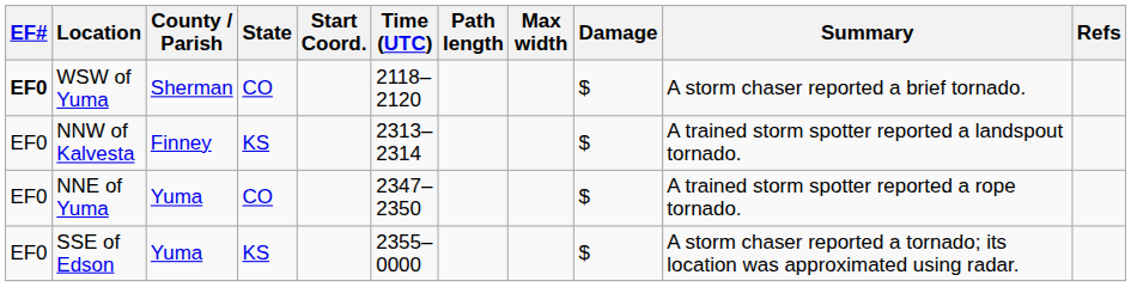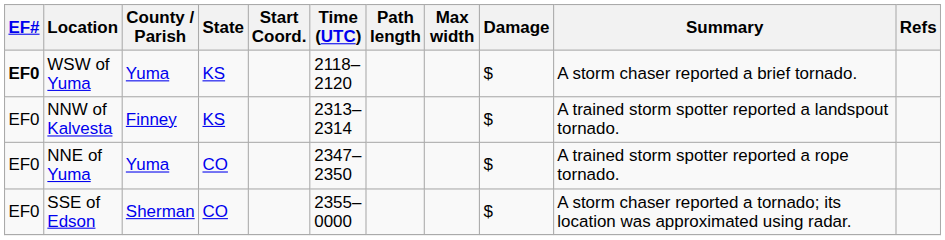 <table class="wikitable sortable" style="width:100%;">
 <tr>
 <th scope="col" width="3%" align="center"><a href='#'>EF#</a></th>
 <th scope="col" width="7%" align="center" class="unsortable">Location</th>
 <th scope="col" width="6%" align="center" class="unsortable">County / Parish</th>
 <th scope="col" width="5%" align="center">State</th>
 <th scope="col" width="6%" align="center">Start Coord.</th>
 <th scope="col" width="6%" align="center">Time (<a href='#'>UTC</a>)</th>
 <th scope="col" width="6%" align="center">Path length</th>
 <th scope="col" width="6%" align="center">Max width</th>
 <th scope="col" width="6%" align="center">Damage</th>
 <th scope="col" width="48%" class="unsortable" align="center">Summary</th>
 <th scope="col" width="48%" class="unsortable" align="center">Refs</th>
 </tr>
 <tr>
 <td><strong>EF0</strong></td>
 <td>WSW of <a href='#'>Yuma</a></td>
-<td><a href='#'>Sherman</a></td>
-<td><a href='#'>CO</a></td>
+<td><a href='#'>Yuma</a></td>
+<td><a href='#'>KS</a></td>
 <td></td>
 <td>2118–2120</td>
 <td></td>
 <td></td>
 <td>$</td>
 <td>A storm chaser reported a brief tornado.</td>
 <td></td>
 </tr>
 <tr>
 <td>EF0</td>
 <td>NNW of <a href='#'>Kalvesta</a></td>
 <td><a href='#'>Finney</a></td>
 <td><a href='#'>KS</a></td>
 <td></td>
 <td>2313–2314</td>
 <td></td>
 <td></td>
 <td>$</td>
 <td>A trained storm spotter reported a landspout tornado.</td>
 <td></td>
 </tr>
 <tr>
 <td>EF0</td>
 <td>NNE of <a href='#'>Yuma</a></td>
 <td><a href='#'>Yuma</a></td>
 <td><a href='#'>CO</a></td>
 <td></td>
 <td>2347–2350</td>
 <td></td>
 <td></td>
 <td>$</td>
 <td>A trained storm spotter reported a rope tornado.</td>
 <td></td>
 </tr>
 <tr>
 <td>EF0</td>
 <td>SSE of <a href='#'>Edson</a></td>
-<td><a href='#'>Yuma</a></td>
-<td><a href='#'>KS</a></td>
+<td><a href='#'>Sherman</a></td>
+<td><a href='#'>CO</a></td>
 <td></td>
 <td>2355–0000</td>
 <td></td>
 <td></td>
 <td>$</td>
 <td>A storm chaser reported a tornado; its location was approximated using radar.</td>
 <td></td>
 </tr>
 <tr>
 </tr>
 </table>
